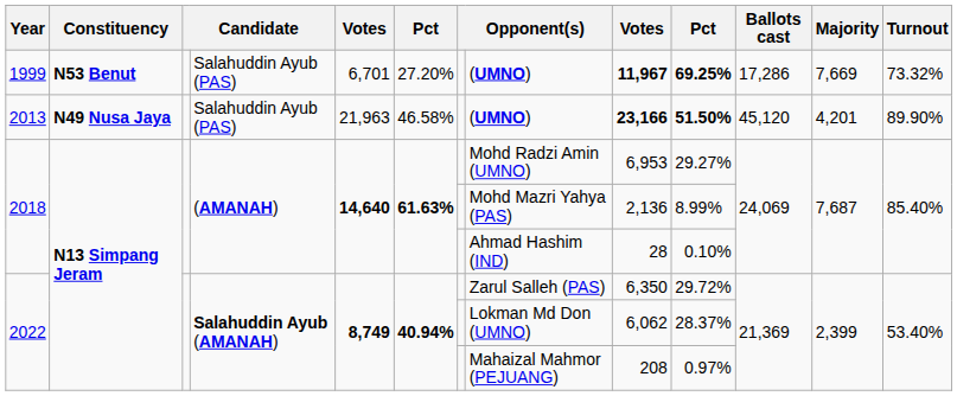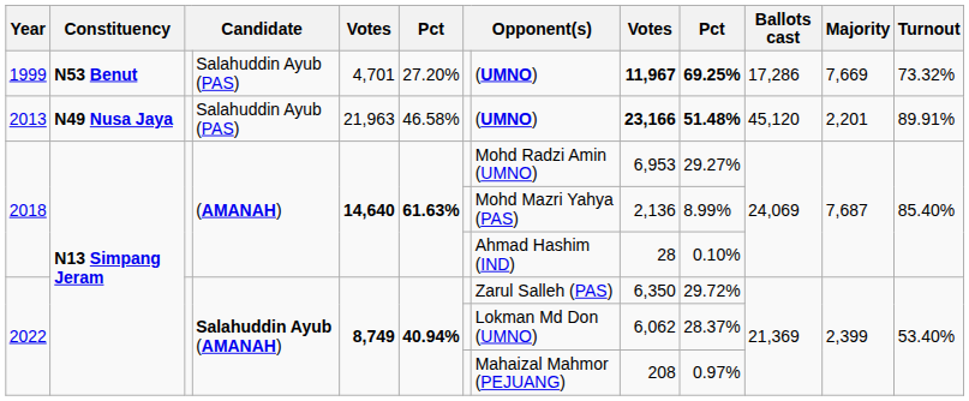 <table class="wikitable" style="margin:0.5em ; font-size:95%">
 <tr>
 <th>Year</th>
 <th>Constituency</th>
 <th colspan=2>Candidate</th>
 <th>Votes</th>
 <th>Pct</th>
 <th colspan=2>Opponent(s)</th>
 <th>Votes</th>
 <th>Pct</th>
 <th>Ballots cast</th>
 <th>Majority</th>
 <th>Turnout</th>
 </tr>
 <tr>
 <td><a href='#'>1999</a></td>
 <td><strong>N53 <a href='#'>Benut</a></strong></td>
 <td></td>
 <td>Salahuddin Ayub (<a href='#'>PAS</a>)</td>
-<td align="right">6,701</td>
+<td align="right">4,701</td>
 <td>27.20%</td>
 <td></td>
 <td> (<a href='#'><strong>UMNO</strong></a>)</td>
 <td align="right"><strong>11,967</strong></td>
 <td><strong>69.25%</strong></td>
 <td>17,286</td>
 <td>7,669</td>
 <td>73.32%</td>
 </tr>
 <tr>
 <td><a href='#'>2013</a></td>
 <td><strong>N49 <a href='#'>Nusa Jaya</a></strong></td>
 <td></td>
 <td>Salahuddin Ayub (<a href='#'>PAS</a>)</td>
 <td align="right">21,963</td>
 <td>46.58%</td>
 <td></td>
 <td> (<a href='#'><strong>UMNO</strong></a>)</td>
 <td align="right"><strong>23,166</strong></td>
-<td><strong>51.50%</strong></td>
+<td><strong>51.48%</strong></td>
 <td>45,120</td>
-<td>4,201</td>
-<td>89.90%</td>
+<td>2,201</td>
+<td>89.91%</td>
 </tr>
 <tr>
 <td rowspan=3><a href='#'>2018</a></td>
 <td rowspan="6"><strong>N13 <a href='#'>Simpang Jeram</a></strong></td>
 <td rowspan=3 ></td>
 <td rowspan=3> (<a href='#'><strong>AMANAH</strong></a>)</td>
 <td rowspan=3 align="right"><strong>14,640</strong></td>
 <td rowspan=3><strong>61.63%</strong></td>
 <td></td>
 <td>Mohd Radzi Amin (<a href='#'>UMNO</a>)</td>
 <td align="right">6,953</td>
 <td>29.27%</td>
 <td rowspan=3>24,069</td>
 <td rowspan=3>7,687</td>
 <td rowspan=3>85.40%</td>
 </tr>
 <tr>
 <td></td>
 <td>Mohd Mazri Yahya (<a href='#'>PAS</a>)</td>
 <td align="right">2,136</td>
 <td>8.99%</td>
 </tr>
 <tr>
 <td></td>
 <td>Ahmad Hashim (<a href='#'>IND</a>)</td>
 <td align="right">28</td>
 <td align=right>0.10%</td>
 </tr>
 <tr>
 <td rowspan="3"><a href='#'>2022</a></td>
 <td rowspan="3" ></td>
 <td rowspan="3"><strong>Salahuddin Ayub</strong> (<a href='#'><strong>AMANAH</strong></a>)</td>
 <td rowspan="3" align=right><strong>8,749</strong></td>
 <td rowspan="3"><strong>40.94%</strong></td>
 <td></td>
 <td>Zarul Salleh (<a href='#'>PAS</a>)</td>
 <td align=right>6,350</td>
 <td>29.72%</td>
 <td rowspan="3">21,369</td>
 <td rowspan="3">2,399</td>
 <td rowspan="3">53.40%</td>
 </tr>
 <tr>
 <td></td>
 <td>Lokman Md Don (<a href='#'>UMNO</a>)</td>
 <td align=right>6,062</td>
 <td>28.37%</td>
 </tr>
 <tr>
 <td></td>
 <td>Mahaizal Mahmor (<a href='#'>PEJUANG</a>)</td>
 <td align=right>208</td>
 <td align=right>0.97%</td>
 </tr>
 </table>
